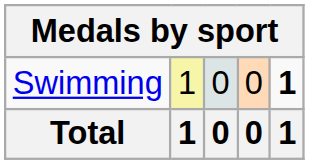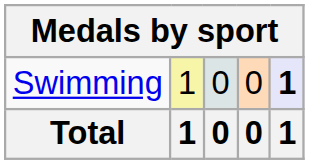 <table class="wikitable" style="font-size:90%; text-align:center;">
 <tr>
 <th colspan="5">Medals by sport</th>
 </tr>
 <tr>
 <td align="left"><a href='#'>Swimming</a></td>
 <td style="background:#F7F6A8;">1</td>
 <td style="background:#DCE5E5;">0</td>
 <td style="background:#FFDAB9;">0</td>
-<td><strong>1</strong></td>
+<td style="background: lavender;"><strong>1</strong></td>
 </tr>
 <tr class="sortbottom">
 <th>Total</th>
 <th>1</th>
 <th>0</th>
 <th>0</th>
 <th>1</th>
 </tr>
 </table>
